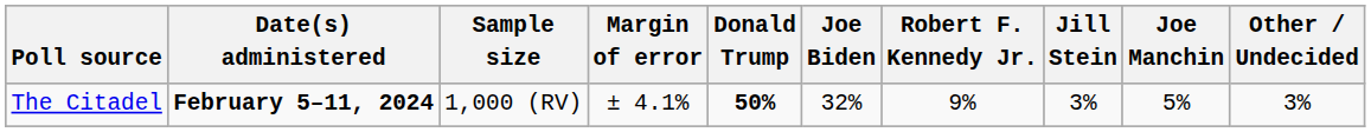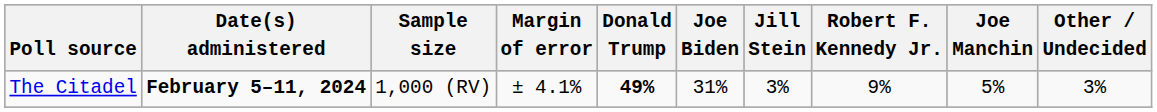 <table class="wikitable sortable mw-datatable" style="font-size:90%;text-align:center;line-height:17px">
 <tr valign=bottom>
 <th>Poll source</th>
 <th>Date(s)<br>administered</th>
 <th>Sample<br>size</th>
 <th>Margin<br>of error</th>
 <th class="unsortable">Donald<br>Trump<br></th>
 <th class="unsortable">Joe<br>Biden<br></th>
+<th class="unsortable">Jill<br>Stein<br></th>
 <th class="unsortable">Robert F.<br>Kennedy Jr.<br></th>
-<th class="unsortable">Jill<br>Stein<br></th>
 <th class="unsortable">Joe<br>Manchin<br></th>
 <th class="unsortable">Other /<br>Undecided</th>
 </tr>
 <tr>
 <td style="text-align:left;"><a href='#'>The Citadel</a></td>
 <td data-sort-value="2024-02-15"><strong>February 5–11, 2024</strong></td>
 <td>1,000 (RV)</td>
 <td>± 4.1%</td>
-<td style="background-color:"><strong>50%</strong></td>
-<td>32%</td>
+<td style="background-color:"><strong>49%</strong></td>
+<td>31%</td>
+<td>3%</td>
 <td>9%</td>
-<td>3%</td>
 <td>5%</td>
 <td>3%</td>
 </tr>
 </table>
